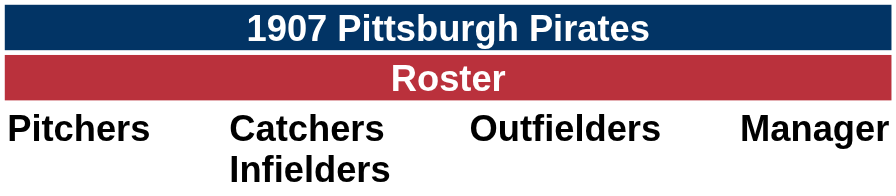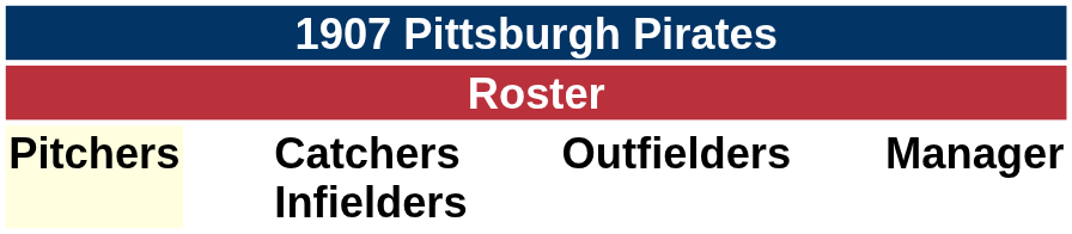 <table class="toccolours" style="font-size: 95%;">
 <tr>
 <th colspan="10" style="background-color: #023465; color: white; text-align: center;">1907 Pittsburgh Pirates</th>
 </tr>
 <tr>
 <td colspan="10" style="background-color: #ba313c; color: white; text-align: center;"><strong>Roster</strong></td>
 </tr>
 <tr>
-<td valign="top"><strong>Pitchers</strong><br>            </td>
+<td valign="top" style="background: lightyellow;"><strong>Pitchers</strong><br>            </td>
 <td width="25px"></td>
 <td valign="top"><strong>Catchers</strong><br>    <strong>Infielders</strong>        </td>
 <td width="25px"></td>
 <td valign="top"><strong>Outfielders</strong><br>      </td>
 <td width="25px"></td>
 <td valign="top"><strong>Manager</strong><br></td>
 </tr>
 </table>
